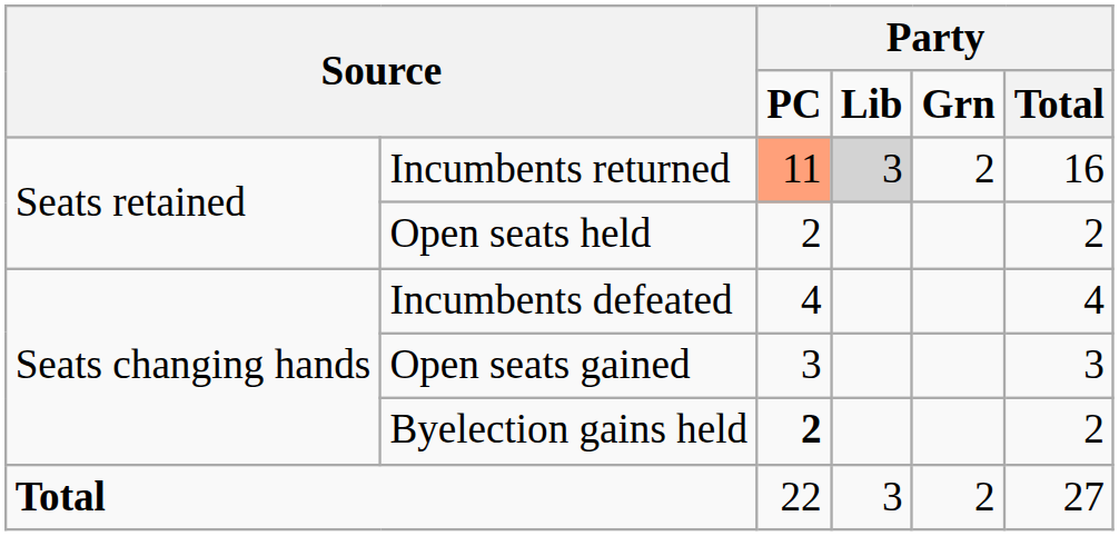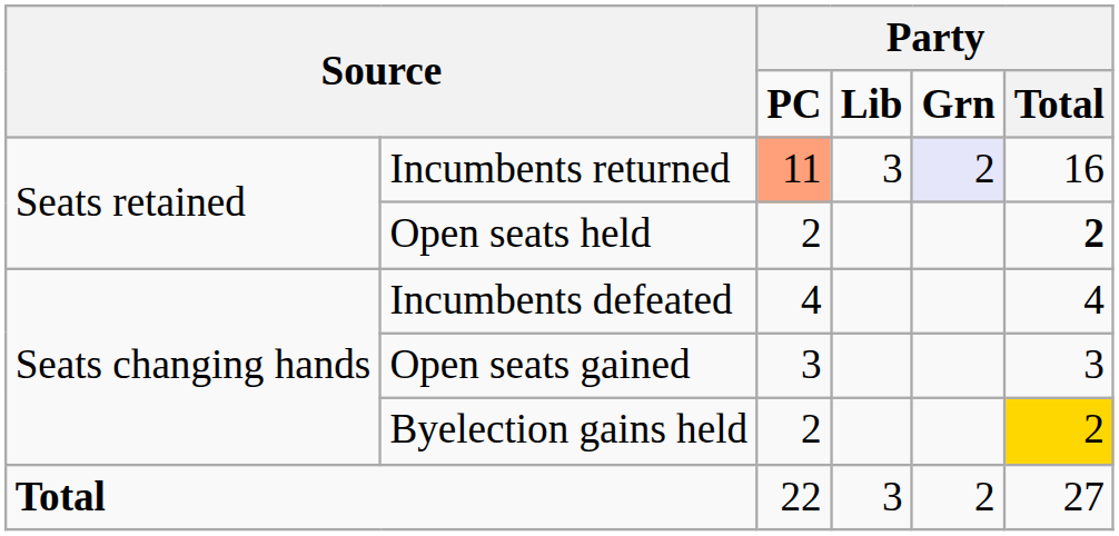 <table class="wikitable" style="text-align:right;">
 <tr>
 <th colspan="2" rowspan="2">Source</th>
 <th colspan="6">Party</th>
 </tr>
 <tr>
 <td><strong>PC</strong></td>
 <td><strong>Lib</strong></td>
 <td><strong>Grn</strong></td>
 <th>Total</th>
 </tr>
 <tr>
 <td rowspan="2" style="text-align:left;">Seats retained</td>
 <td style="text-align:left;">Incumbents returned</td>
 <td style="background: lightsalmon;">11</td>
-<td style="background: lightgrey;">3</td>
-<td>2</td>
+<td>3</td>
+<td style="background: lavender;">2</td>
 <td>16</td>
 </tr>
 <tr>
 <td style="text-align:left;">Open seats held</td>
 <td>2</td>
 <td></td>
 <td></td>
-<td>2</td>
+<td><strong>2</strong></td>
 </tr>
 <tr>
 <td rowspan="3" style="text-align:left;">Seats changing hands</td>
 <td style="text-align:left;">Incumbents defeated</td>
 <td>4</td>
 <td></td>
 <td></td>
 <td>4</td>
 </tr>
 <tr>
 <td style="text-align:left;">Open seats gained</td>
 <td>3</td>
 <td></td>
 <td></td>
 <td>3</td>
 </tr>
 <tr>
 <td style="text-align:left;">Byelection gains held</td>
-<td><strong>2</strong></td>
+<td>2</td>
 <td></td>
 <td></td>
-<td>2</td>
+<td style="background: gold;">2</td>
 </tr>
 <tr>
 <td colspan="2" style="text-align:left;"><strong>Total</strong></td>
 <td>22</td>
 <td>3</td>
 <td>2</td>
 <td>27</td>
 </tr>
 </table>
